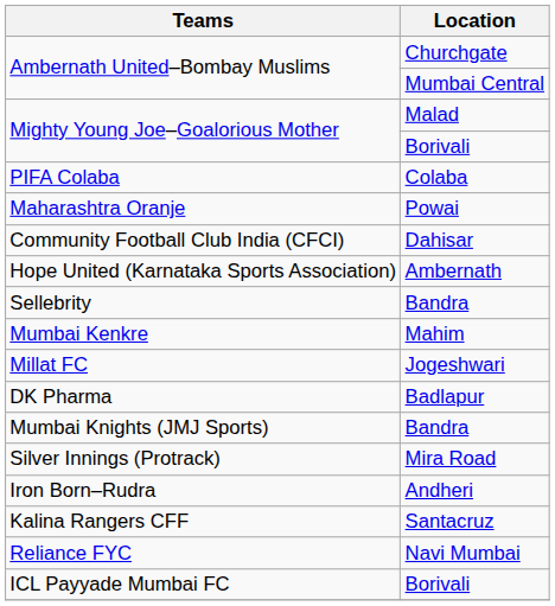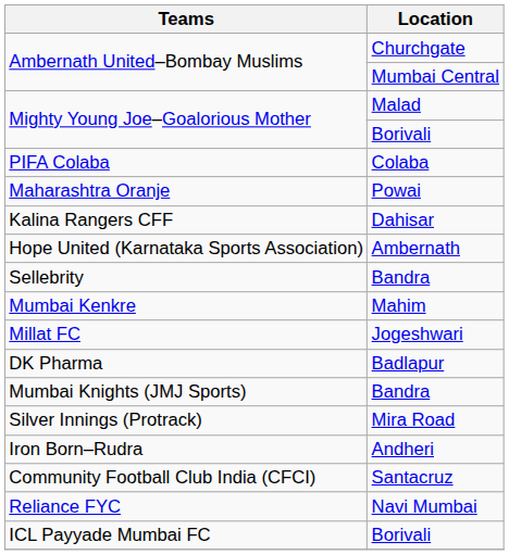 <table class="wikitable sortable">
 <tr>
 <th>Teams</th>
 <th>Location</th>
 </tr>
 <tr>
 <td rowspan="2"><a href='#'>Ambernath United</a>–Bombay Muslims</td>
 <td><a href='#'>Churchgate</a></td>
 </tr>
 <tr>
 <td><a href='#'>Mumbai Central</a></td>
 </tr>
 <tr>
 <td rowspan="2"><a href='#'>Mighty Young Joe</a>–<a href='#'>Goalorious Mother</a></td>
 <td><a href='#'>Malad</a></td>
 </tr>
 <tr>
 <td><a href='#'>Borivali</a></td>
 </tr>
 <tr>
 <td><a href='#'>PIFA Colaba</a></td>
 <td><a href='#'>Colaba</a></td>
 </tr>
 <tr>
 <td><a href='#'>Maharashtra Oranje</a></td>
 <td><a href='#'>Powai</a></td>
 </tr>
 <tr>
-<td>Community Football Club India (CFCI)</td>
+<td>Kalina Rangers CFF</td>
 <td><a href='#'>Dahisar</a></td>
 </tr>
 <tr>
 <td>Hope United (Karnataka Sports Association)</td>
 <td><a href='#'>Ambernath</a><br></td>
 </tr>
 <tr>
 <td>Sellebrity</td>
 <td><a href='#'>Bandra</a></td>
 </tr>
 <tr>
 <td><a href='#'>Mumbai Kenkre</a></td>
 <td><a href='#'>Mahim</a></td>
 </tr>
 <tr>
 <td><a href='#'>Millat FC</a></td>
 <td><a href='#'>Jogeshwari</a></td>
 </tr>
 <tr>
 <td>DK Pharma</td>
 <td><a href='#'>Badlapur</a></td>
 </tr>
 <tr>
 <td>Mumbai Knights (JMJ Sports)</td>
 <td><a href='#'>Bandra</a></td>
 </tr>
 <tr>
 <td>Silver Innings (Protrack)</td>
 <td><a href='#'>Mira Road</a></td>
 </tr>
 <tr>
 <td>Iron Born–Rudra</td>
 <td><a href='#'>Andheri</a></td>
 </tr>
 <tr>
-<td>Kalina Rangers CFF</td>
+<td>Community Football Club India (CFCI)</td>
 <td><a href='#'>Santacruz</a></td>
 </tr>
 <tr>
 <td><a href='#'>Reliance FYC</a></td>
 <td><a href='#'>Navi Mumbai</a></td>
 </tr>
 <tr>
 <td>ICL Payyade Mumbai FC</td>
 <td><a href='#'>Borivali</a></td>
 </tr>
 <tr>
 </tr>
 </table>
